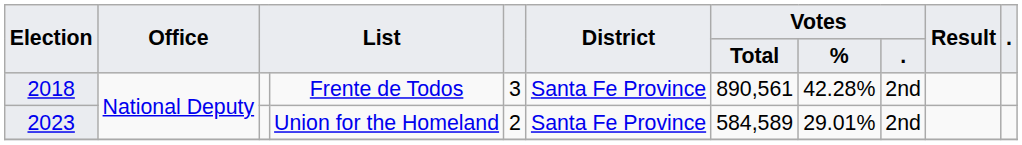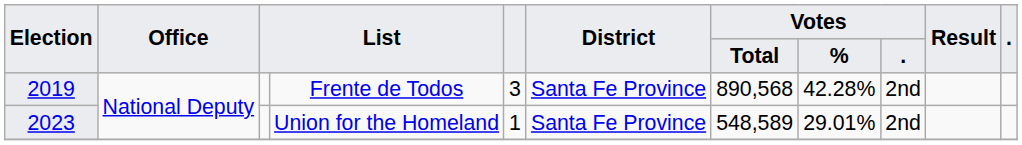 <table class="wikitable" style="font-size:90%; text-align:center;">
 <tr>
 <th style="background-color:#EAECF0;" rowspan=2>Election</th>
 <th style="background-color:#EAECF0;" rowspan=2>Office</th>
 <th style="background-color:#EAECF0;" colspan=2 rowspan=2>List</th>
 <th style="background-color:#EAECF0;" rowspan=2></th>
 <th style="background-color:#EAECF0;" rowspan=2>District</th>
 <th style="background-color:#EAECF0;" colspan=3>Votes</th>
 <th style="background-color:#EAECF0;" rowspan=2>Result</th>
 <th style="background-color:#EAECF0;" rowspan=2>.</th>
 </tr>
 <tr>
 <th style="background-color:#EAECF0;">Total</th>
 <th style="background-color:#EAECF0;">%</th>
 <th style="background-color:#EAECF0;">.</th>
 </tr>
 <tr>
-<td style="background-color:#EAECF0;"><a href='#'>2018</a></td>
+<td style="background-color:#EAECF0;"><a href='#'>2019</a></td>
 <td rowspan="2"><a href='#'>National Deputy</a></td>
 <td style="background-color:"></td>
 <td><a href='#'>Frente de Todos</a></td>
 <td>3</td>
 <td><a href='#'>Santa Fe Province</a></td>
-<td>890,561</td>
+<td>890,568</td>
 <td>42.28%</td>
 <td>2nd</td>
 <td></td>
 <td></td>
 </tr>
 <tr>
 <td style="background-color:#EAECF0;"><a href='#'>2023</a></td>
 <td style="background-color:"></td>
 <td><a href='#'>Union for the Homeland</a></td>
-<td>2</td>
+<td>1</td>
 <td><a href='#'>Santa Fe Province</a></td>
-<td>584,589</td>
+<td>548,589</td>
 <td>29.01%</td>
 <td>2nd</td>
 <td></td>
 <td></td>
 </tr>
 <tr>
 </tr>
 </table>
